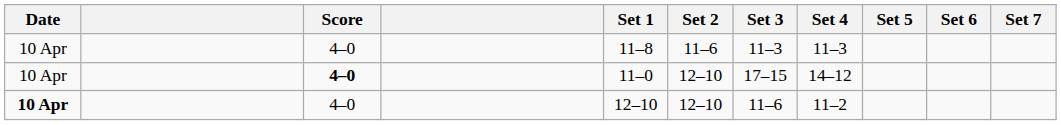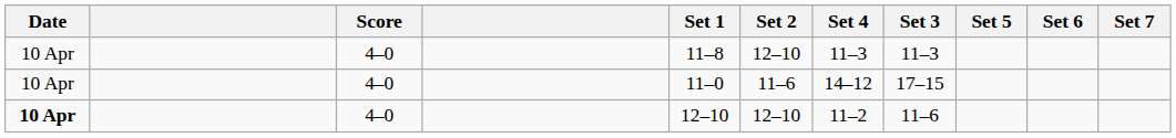 <table class="wikitable" style="text-align: center; font-size:90% ">
 <tr>
 <th width="60">Date</th>
 <th align="right" width="200"></th>
 <th width="60">Score</th>
 <th align="left" width="200"></th>
 <th width="50">Set 1</th>
 <th width="50">Set 2</th>
+<th width="50">Set 4</th>
 <th width="50">Set 3</th>
-<th width="50">Set 4</th>
 <th width="50">Set 5</th>
 <th width="50">Set 6</th>
 <th width="50">Set 7</th>
 </tr>
 <tr>
 <td>10 Apr</td>
 <td align=left><strong></strong></td>
 <td align=center>4–0</td>
 <td align=left></td>
 <td>11–8</td>
-<td>11–6</td>
+<td>12–10</td>
 <td>11–3</td>
 <td>11–3</td>
 <td></td>
 <td></td>
 <td></td>
 </tr>
 <tr>
 <td>10 Apr</td>
 <td align=left><strong></strong></td>
-<td align=center><strong>4–0</strong></td>
+<td align=center>4–0</td>
 <td align=left></td>
 <td>11–0</td>
-<td>12–10</td>
+<td>11–6</td>
+<td>14–12</td>
 <td>17–15</td>
-<td>14–12</td>
 <td></td>
 <td></td>
 <td></td>
 </tr>
 <tr>
 <td><strong>10 Apr</strong></td>
 <td align=left><strong></strong></td>
 <td align=center>4–0</td>
 <td align=left></td>
 <td>12–10</td>
 <td>12–10</td>
+<td>11–2</td>
 <td>11–6</td>
-<td>11–2</td>
 <td></td>
 <td></td>
 <td></td>
 </tr>
 </table>
